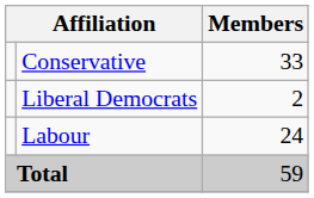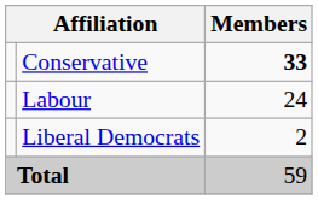 <table class="wikitable">
 <tr>
 <th colspan="2">Affiliation</th>
 <th>Members</th>
 </tr>
 <tr>
 <td style="color:inherit;background:"></td>
 <td><a href='#'>Conservative</a></td>
-<td align="right">33</td>
+<td align="right"><strong>33</strong></td>
+</tr>
+<tr>
+<td style="color:inherit;background:"></td>
+<td><a href='#'>Labour</a></td>
+<td align="right">24</td>
 </tr>
 <tr>
 <td style="color:inherit;background:"></td>
 <td><a href='#'>Liberal Democrats</a></td>
 <td align="right">2</td>
-</tr>
-<tr>
-<td style="color:inherit;background:"></td>
-<td><a href='#'>Labour</a></td>
-<td align="right">24</td>
 </tr>
 <tr bgcolor="CCCCCC">
 <td colspan="2" rowspan="1"> <strong>Total</strong></td>
 <td align="right">59</td>
 </tr>
 <tr>
 </tr>
 </table>
